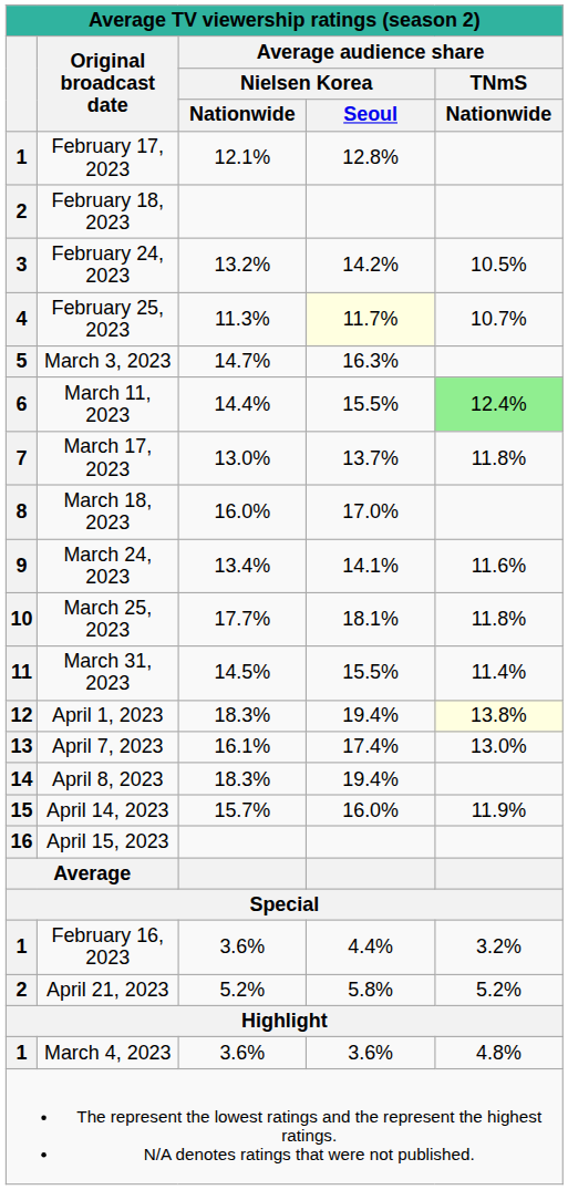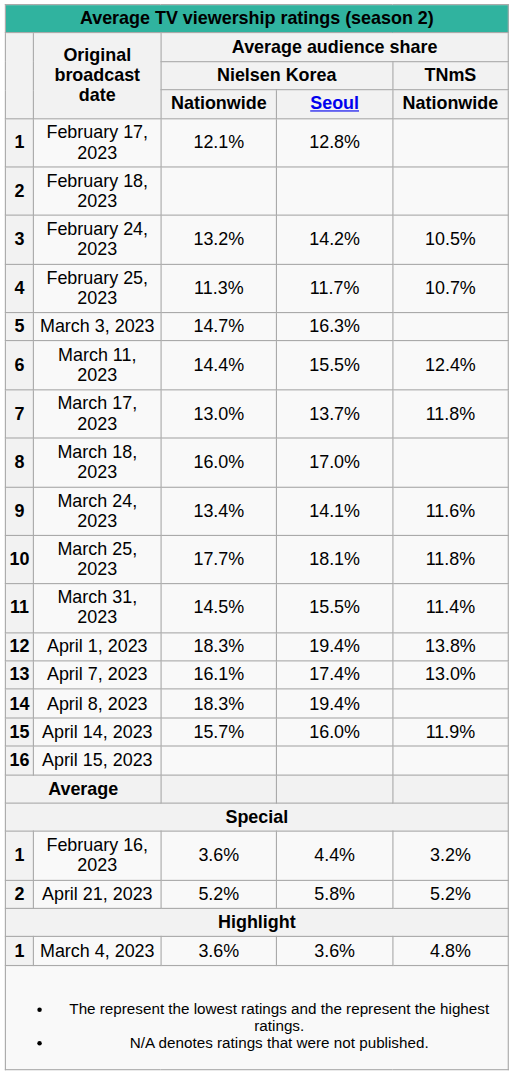 <table class="wikitable" style="text-align:center;max-width:450px; margin-left: auto; margin-right: auto; border: none;">
 <tr>
 <th colspan="5" style="background:#30B39F; text-align:center">Average TV viewership ratings (season 2)</th>
 </tr>
 <tr>
 <th scope="col" rowspan="3"></th>
 <th scope="col" rowspan="3">Original broadcast date</th>
 <th scope="col" colspan="3">Average audience share</th>
 </tr>
 <tr>
 <th scope="col" colspan="2">Nielsen Korea</th>
 <th scope="col">TNmS</th>
 </tr>
 <tr>
 <th scope="col" style="width:6em">Nationwide</th>
 <th scope="col" style="width:6em"><a href='#'>Seoul</a></th>
 <th scope="col" style="width:6em">Nationwide</th>
 </tr>
 <tr>
 <th scope="row">1</th>
 <td>February 17, 2023</td>
 <td>12.1% </td>
 <td>12.8% </td>
 <td><strong></strong> </td>
 </tr>
 <tr>
 <th scope="row">2</th>
 <td>February 18, 2023</td>
 <td><strong></strong> </td>
 <td><strong></strong> </td>
 <td></td>
 </tr>
 <tr>
 <th scope="row">3</th>
 <td>February 24, 2023</td>
 <td>13.2% </td>
 <td>14.2% </td>
 <td>10.5% </td>
 </tr>
 <tr>
 <th scope="row">4</th>
 <td>February 25, 2023</td>
 <td>11.3% </td>
-<td style="background: lightyellow;">11.7% </td>
+<td>11.7% </td>
 <td>10.7% </td>
 </tr>
 <tr>
 <th scope="row">5</th>
 <td>March 3, 2023</td>
 <td>14.7% </td>
 <td>16.3% </td>
 <td></td>
 </tr>
 <tr>
 <th scope="row">6</th>
 <td>March 11, 2023</td>
 <td>14.4% </td>
 <td>15.5% </td>
-<td style="background: lightgreen;">12.4% </td>
+<td>12.4% </td>
 </tr>
 <tr>
 <th scope="row">7</th>
 <td>March 17, 2023</td>
 <td>13.0% </td>
 <td>13.7% </td>
 <td>11.8% </td>
 </tr>
 <tr>
 <th scope="row">8</th>
 <td>March 18, 2023</td>
 <td>16.0% </td>
 <td>17.0% </td>
 <td></td>
 </tr>
 <tr>
 <th scope="row">9</th>
 <td>March 24, 2023</td>
 <td>13.4% </td>
 <td>14.1% </td>
 <td>11.6% </td>
 </tr>
 <tr>
 <th scope="row">10</th>
 <td>March 25, 2023</td>
 <td>17.7% </td>
 <td>18.1% </td>
 <td>11.8% </td>
 </tr>
 <tr>
 <th scope="row">11</th>
 <td>March 31, 2023</td>
 <td>14.5% </td>
 <td>15.5% </td>
 <td>11.4% </td>
 </tr>
 <tr>
 <th scope="row">12</th>
 <td>April 1, 2023</td>
 <td>18.3% </td>
 <td>19.4% </td>
-<td style="background: lightyellow;">13.8% </td>
+<td>13.8% </td>
 </tr>
 <tr>
 <th scope="row">13</th>
 <td>April 7, 2023</td>
 <td>16.1% </td>
 <td>17.4% </td>
 <td>13.0% </td>
 </tr>
 <tr>
 <th scope="row">14</th>
 <td>April 8, 2023</td>
 <td>18.3% </td>
 <td>19.4% </td>
 <td><strong></strong> </td>
 </tr>
 <tr>
 <th scope="row">15</th>
 <td>April 14, 2023</td>
 <td>15.7% </td>
 <td>16.0% </td>
 <td>11.9% </td>
 </tr>
 <tr>
 <th scope="row">16</th>
 <td>April 15, 2023</td>
 <td><strong></strong> </td>
 <td><strong></strong> </td>
 <td></td>
 </tr>
 <tr>
 <th colspan="2">Average</th>
 <th></th>
 <th></th>
 <th></th>
 </tr>
 <tr>
 <th colspan="5">Special</th>
 </tr>
 <tr>
 <th scope="row">1</th>
 <td>February 16, 2023</td>
 <td>3.6% </td>
 <td>4.4% </td>
 <td>3.2% </td>
 </tr>
 <tr>
 <th scope="row">2</th>
 <td>April 21, 2023</td>
 <td>5.2% </td>
 <td>5.8% </td>
 <td>5.2% </td>
 </tr>
 <tr>
 <th colspan="5">Highlight</th>
 </tr>
 <tr>
 <th>1</th>
 <td>March 4, 2023</td>
 <td>3.6% </td>
 <td>3.6% </td>
 <td>4.8% </td>
 </tr>
 <tr>
 <td colspan="6" style="font-size:85%"><br><ul><li>The <strong></strong> represent the lowest ratings and the <strong></strong> represent the highest ratings.</li><li>N/A denotes ratings that were not published.</li></ul></td>
 </tr>
 </table>
